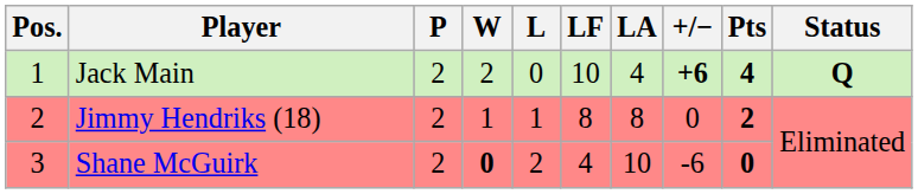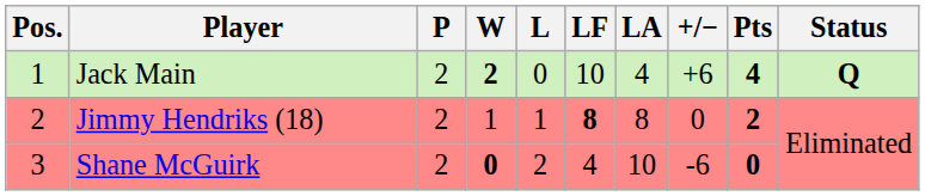 <table class="wikitable" style="text-align:center; margin: 1em auto 1em auto, align:left">
 <tr>
 <th width=20>Pos.</th>
 <th width=185>Player</th>
 <th width=20>P</th>
 <th width=20>W</th>
 <th width=20>L</th>
 <th width=20>LF</th>
 <th width=20>LA</th>
 <th width=25>+/−</th>
 <th width=20>Pts</th>
 <th width=70>Status</th>
 </tr>
 <tr style="background:#D0F0C0;">
 <td>1</td>
 <td align=left> Jack Main</td>
 <td>2</td>
-<td>2</td>
+<td><strong>2</strong></td>
 <td>0</td>
 <td>10</td>
 <td>4</td>
-<td><strong>+6</strong></td>
+<td>+6</td>
 <td><strong>4</strong></td>
 <td rowspan=1><strong>Q</strong></td>
 </tr>
 <tr style="background:#FF8888;">
 <td>2</td>
 <td align=left> <a href='#'>Jimmy Hendriks</a> (18)</td>
 <td>2</td>
 <td>1</td>
 <td>1</td>
-<td>8</td>
+<td><strong>8</strong></td>
 <td>8</td>
 <td>0</td>
 <td><strong>2</strong></td>
 <td rowspan=2>Eliminated</td>
 </tr>
 <tr style="background:#FF8888;">
 <td>3</td>
 <td align=left> <a href='#'>Shane McGuirk</a></td>
 <td>2</td>
 <td><strong>0</strong></td>
 <td>2</td>
 <td>4</td>
 <td>10</td>
 <td>-6</td>
 <td><strong>0</strong></td>
 </tr>
 </table>
